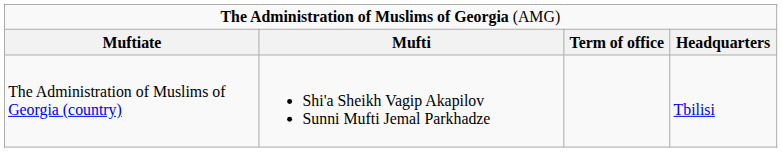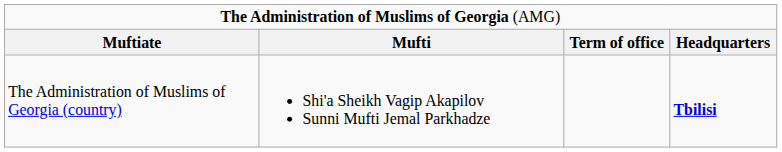 <table class=wikitable>
 <tr>
 <td colspan=4 align=center><strong>The Administration of Muslims of Georgia</strong> (AMG)</td>
 </tr>
 <tr>
 <th scope="row" width="250">Muftiate</th>
 <th scope="row" width="300">Mufti</th>
 <th scope="row" width="100">Term of office</th>
 <th scope="row" width="100">Headquarters</th>
 </tr>
 <tr>
 <td>The Administration of Muslims of <a href='#'>Georgia (country)</a></td>
 <td><br><ul><li>Shi'a Sheikh Vagip Akapilov</li><li>Sunni Mufti Jemal Parkhadze</li></ul></td>
 <td></td>
-<td><br><a href='#'>Tbilisi</a></td>
+<td><strong><br><a href='#'>Tbilisi</a></strong></td>
 </tr>
 </table>
